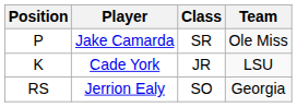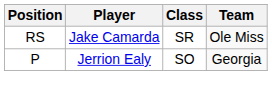 <table class="wikitable sortable">
 <tr>
 <th>Position</th>
 <th>Player</th>
 <th>Class</th>
 <th>Team</th>
 </tr>
 <tr style="text-align:center;">
-<td style="background:white">P</td>
+<td style="background:white">RS</td>
 <td style="background:white"><a href='#'>Jake Camarda</a></td>
 <td style="background:white">SR</td>
 <td>Ole Miss</td>
 </tr>
 <tr style="text-align:center;">
-<td style="background:white">K</td>
-<td style="background:white"><a href='#'>Cade York</a></td>
-<td style="background:white">JR</td>
-<td>LSU</td>
-</tr>
-<tr style="text-align:center;">
-<td style="background:white">RS</td>
+<td style="background:white">P</td>
 <td style="background:white"><a href='#'>Jerrion Ealy</a></td>
 <td style="background:white">SO</td>
 <td>Georgia</td>
 </tr>
 </table>
